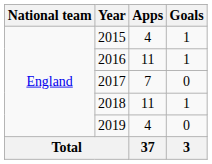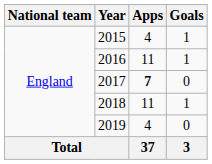 <table class=wikitable style=text-align:center>
 <tr>
 <th>National team</th>
 <th>Year</th>
 <th>Apps</th>
 <th>Goals</th>
 </tr>
 <tr>
 <td rowspan="5"><a href='#'>England</a></td>
 <td>2015</td>
 <td>4</td>
 <td>1</td>
 </tr>
 <tr>
 <td>2016</td>
 <td>11</td>
 <td>1</td>
 </tr>
 <tr>
 <td>2017</td>
-<td>7</td>
+<td><strong>7</strong></td>
 <td>0</td>
 </tr>
 <tr>
 <td>2018</td>
 <td>11</td>
 <td>1</td>
 </tr>
 <tr>
 <td>2019</td>
 <td>4</td>
 <td>0</td>
 </tr>
 <tr>
 <th colspan="2">Total</th>
 <th>37</th>
 <th>3</th>
 </tr>
 </table>
